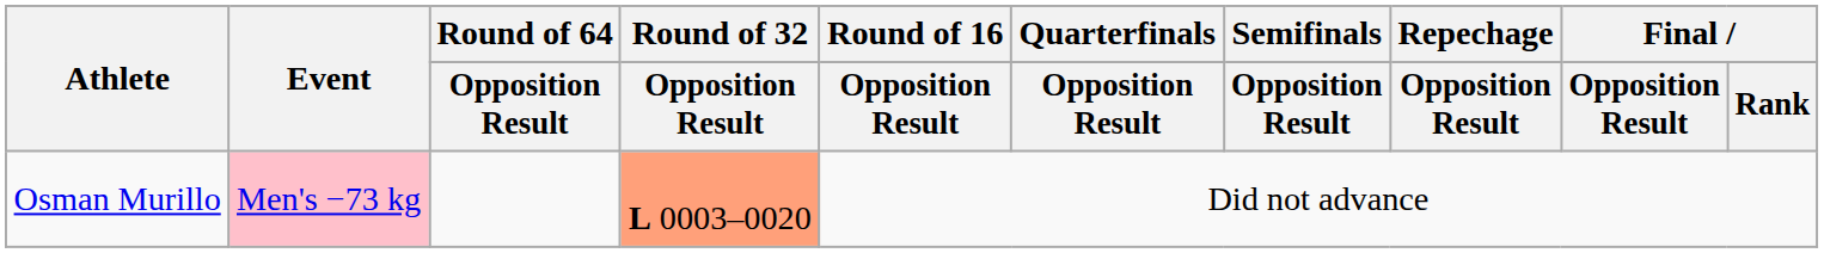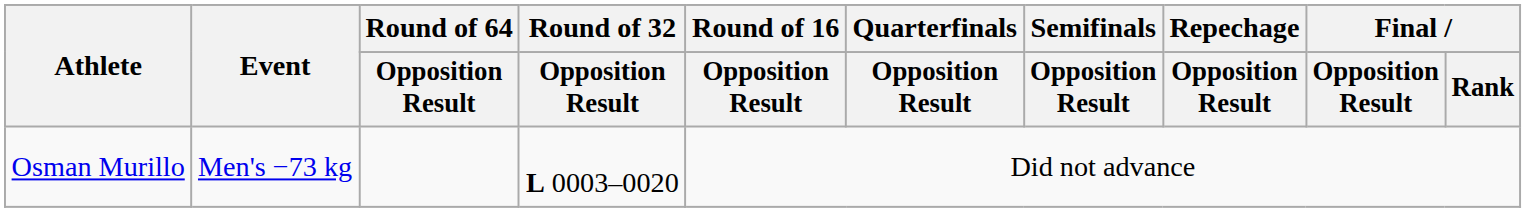 <table class="wikitable" style="font-size:90%">
 <tr>
 <th rowspan=2>Athlete</th>
 <th rowspan=2>Event</th>
 <th>Round of 64</th>
 <th>Round of 32</th>
 <th>Round of 16</th>
 <th>Quarterfinals</th>
 <th>Semifinals</th>
 <th>Repechage</th>
 <th colspan=2>Final / </th>
 </tr>
 <tr style="font-size:95%">
 <th>Opposition<br>Result</th>
 <th>Opposition<br>Result</th>
 <th>Opposition<br>Result</th>
 <th>Opposition<br>Result</th>
 <th>Opposition<br>Result</th>
 <th>Opposition<br>Result</th>
 <th>Opposition<br>Result</th>
 <th>Rank</th>
 </tr>
 <tr align=center>
 <td align=left><a href='#'>Osman Murillo</a></td>
-<td align=left style="background: pink;"><a href='#'>Men's −73 kg</a></td>
+<td align=left><a href='#'>Men's −73 kg</a></td>
 <td></td>
-<td style="background: lightsalmon;"><br><strong>L</strong> 0003–0020</td>
+<td><br><strong>L</strong> 0003–0020</td>
 <td colspan=6>Did not advance</td>
 </tr>
 </table>
